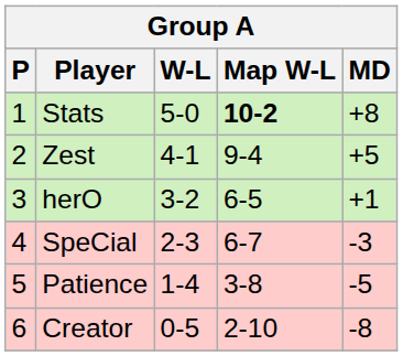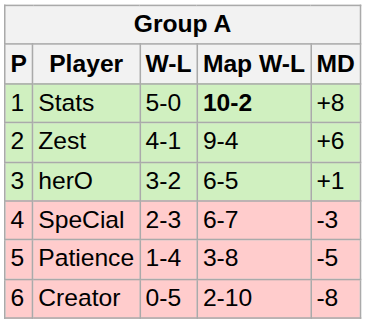 <table class="wikitable" style="display: inline-table;">
 <tr>
 <th colspan="5">Group A</th>
 </tr>
 <tr>
 <th>P</th>
 <th>Player</th>
 <th>W-L</th>
 <th>Map W-L</th>
 <th>MD</th>
 </tr>
 <tr style="background: #D0F0C0;">
 <td>1</td>
 <td>Stats</td>
 <td>5-0</td>
 <td><strong>10-2</strong></td>
 <td>+8</td>
 </tr>
 <tr style="background: #D0F0C0;">
 <td>2</td>
 <td>Zest</td>
 <td>4-1</td>
 <td>9-4</td>
-<td>+5</td>
+<td>+6</td>
 </tr>
 <tr style="background: #D0F0C0;">
 <td>3</td>
 <td>herO</td>
 <td>3-2</td>
 <td>6-5</td>
 <td>+1</td>
 </tr>
 <tr style="background: #FFCCCC;">
 <td>4</td>
 <td>SpeCial</td>
 <td>2-3</td>
 <td>6-7</td>
 <td>-3</td>
 </tr>
 <tr style="background: #FFCCCC;">
 <td>5</td>
 <td>Patience</td>
 <td>1-4</td>
 <td>3-8</td>
 <td>-5</td>
 </tr>
 <tr style="background: #FFCCCC;">
 <td>6</td>
 <td>Creator</td>
 <td>0-5</td>
 <td>2-10</td>
 <td>-8</td>
 </tr>
 </table>
